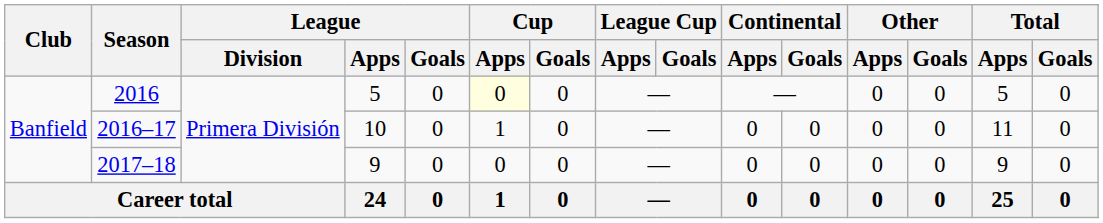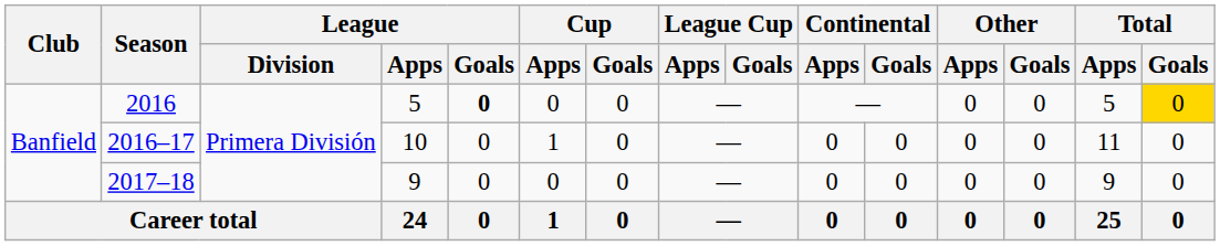 <table class="wikitable" style="text-align:center">
 <tr>
 <th rowspan="2">Club</th>
 <th rowspan="2">Season</th>
 <th colspan="3">League</th>
 <th colspan="2">Cup</th>
 <th colspan="2">League Cup</th>
 <th colspan="2">Continental</th>
 <th colspan="2">Other</th>
 <th colspan="2">Total</th>
 </tr>
 <tr>
 <th>Division</th>
 <th>Apps</th>
 <th>Goals</th>
 <th>Apps</th>
 <th>Goals</th>
 <th>Apps</th>
 <th>Goals</th>
 <th>Apps</th>
 <th>Goals</th>
 <th>Apps</th>
 <th>Goals</th>
 <th>Apps</th>
 <th>Goals</th>
 </tr>
 <tr>
 <td rowspan="3"><a href='#'>Banfield</a></td>
 <td><a href='#'>2016</a></td>
 <td rowspan="3"><a href='#'>Primera División</a></td>
 <td>5</td>
+<td><strong>0</strong></td>
 <td>0</td>
-<td style="background: lightyellow;">0</td>
 <td>0</td>
 <td colspan="2">—</td>
 <td colspan="2">—</td>
 <td>0</td>
 <td>0</td>
 <td>5</td>
-<td>0</td>
+<td style="background: gold;">0</td>
 </tr>
 <tr>
 <td><a href='#'>2016–17</a></td>
 <td>10</td>
 <td>0</td>
 <td>1</td>
 <td>0</td>
 <td colspan="2">—</td>
 <td>0</td>
 <td>0</td>
 <td>0</td>
 <td>0</td>
 <td>11</td>
 <td>0</td>
 </tr>
 <tr>
 <td><a href='#'>2017–18</a></td>
 <td>9</td>
 <td>0</td>
 <td>0</td>
 <td>0</td>
 <td colspan="2">—</td>
 <td>0</td>
 <td>0</td>
 <td>0</td>
 <td>0</td>
 <td>9</td>
 <td>0</td>
 </tr>
 <tr>
 <th colspan="3">Career total</th>
 <th>24</th>
 <th>0</th>
 <th>1</th>
 <th>0</th>
 <th colspan="2">—</th>
 <th>0</th>
 <th>0</th>
 <th>0</th>
 <th>0</th>
 <th>25</th>
 <th>0</th>
 </tr>
 </table>
